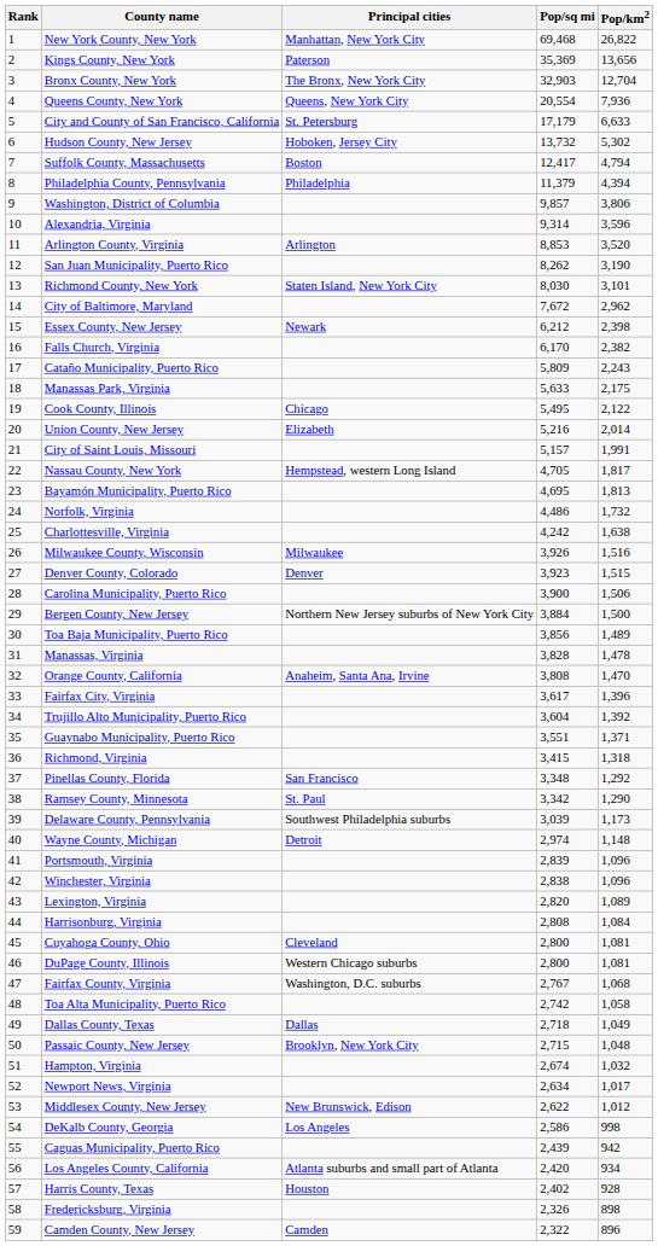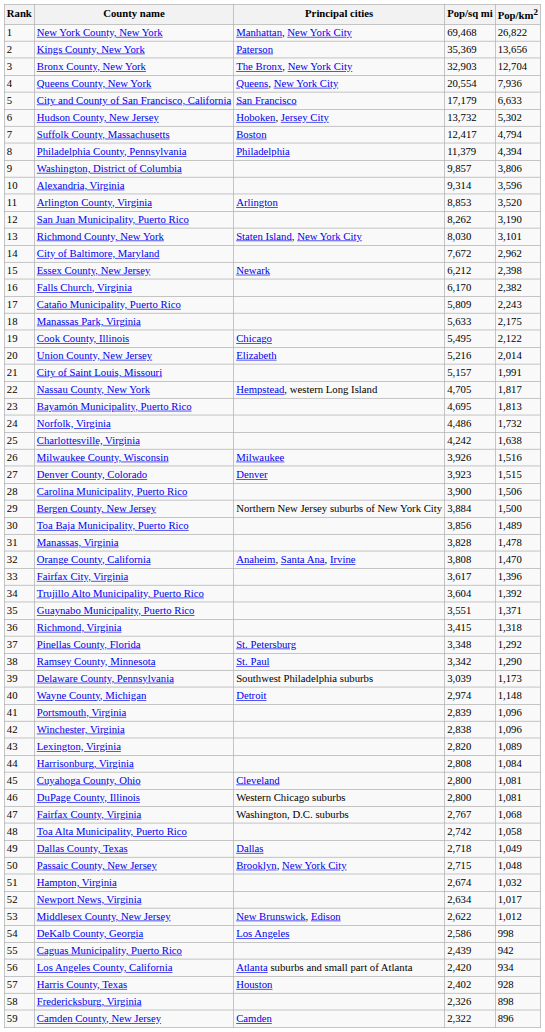 <table class="wikitable">
 <tr>
 <th>Rank</th>
 <th>County name</th>
 <th>Principal cities</th>
 <th>Pop/sq mi</th>
 <th>Pop/km<sup>2</sup></th>
 </tr>
 <tr>
 <td>1</td>
 <td><a href='#'>New York County, New York</a></td>
 <td><a href='#'>Manhattan</a>, <a href='#'>New York City</a></td>
 <td>69,468</td>
 <td>26,822</td>
 </tr>
 <tr>
 <td>2</td>
 <td><a href='#'>Kings County, New York</a></td>
 <td><a href='#'>Paterson</a></td>
 <td>35,369</td>
 <td>13,656</td>
 </tr>
 <tr>
 <td>3</td>
 <td><a href='#'>Bronx County, New York</a></td>
 <td><a href='#'>The Bronx</a>, <a href='#'>New York City</a></td>
 <td>32,903</td>
 <td>12,704</td>
 </tr>
 <tr>
 <td>4</td>
 <td><a href='#'>Queens County, New York</a></td>
 <td><a href='#'>Queens</a>, <a href='#'>New York City</a></td>
 <td>20,554</td>
 <td>7,936</td>
 </tr>
 <tr>
 <td>5</td>
 <td><a href='#'>City and County of San Francisco, California</a></td>
-<td><a href='#'>St. Petersburg</a></td>
+<td><a href='#'>San Francisco</a></td>
 <td>17,179</td>
 <td>6,633</td>
 </tr>
 <tr>
 <td>6</td>
 <td><a href='#'>Hudson County, New Jersey</a></td>
 <td><a href='#'>Hoboken</a>, <a href='#'>Jersey City</a></td>
 <td>13,732</td>
 <td>5,302</td>
 </tr>
 <tr>
 <td>7</td>
 <td><a href='#'>Suffolk County, Massachusetts</a></td>
 <td><a href='#'>Boston</a></td>
 <td>12,417</td>
 <td>4,794</td>
 </tr>
 <tr>
 <td>8</td>
 <td><a href='#'>Philadelphia County, Pennsylvania</a></td>
 <td><a href='#'>Philadelphia</a></td>
 <td>11,379</td>
 <td>4,394</td>
 </tr>
 <tr>
 <td>9</td>
 <td><a href='#'>Washington, District of Columbia</a></td>
 <td></td>
 <td>9,857</td>
 <td>3,806</td>
 </tr>
 <tr>
 <td>10</td>
 <td><a href='#'>Alexandria, Virginia</a></td>
 <td></td>
 <td>9,314</td>
 <td>3,596</td>
 </tr>
 <tr>
 <td>11</td>
 <td><a href='#'>Arlington County, Virginia</a></td>
 <td><a href='#'>Arlington</a></td>
 <td>8,853</td>
 <td>3,520</td>
 </tr>
 <tr>
 <td>12</td>
 <td><a href='#'>San Juan Municipality, Puerto Rico</a></td>
 <td></td>
 <td>8,262</td>
 <td>3,190</td>
 </tr>
 <tr>
 <td>13</td>
 <td><a href='#'>Richmond County, New York</a></td>
 <td><a href='#'>Staten Island</a>, <a href='#'>New York City</a></td>
 <td>8,030</td>
 <td>3,101</td>
 </tr>
 <tr>
 <td>14</td>
 <td><a href='#'>City of Baltimore, Maryland</a></td>
 <td></td>
 <td>7,672</td>
 <td>2,962</td>
 </tr>
 <tr>
 <td>15</td>
 <td><a href='#'>Essex County, New Jersey</a></td>
 <td><a href='#'>Newark</a></td>
 <td>6,212</td>
 <td>2,398</td>
 </tr>
 <tr>
 <td>16</td>
 <td><a href='#'>Falls Church, Virginia</a></td>
 <td></td>
 <td>6,170</td>
 <td>2,382</td>
 </tr>
 <tr>
 <td>17</td>
 <td><a href='#'>Cataño Municipality, Puerto Rico</a></td>
 <td></td>
 <td>5,809</td>
 <td>2,243</td>
 </tr>
 <tr>
 <td>18</td>
 <td><a href='#'>Manassas Park, Virginia</a></td>
 <td></td>
 <td>5,633</td>
 <td>2,175</td>
 </tr>
 <tr>
 <td>19</td>
 <td><a href='#'>Cook County, Illinois</a></td>
 <td><a href='#'>Chicago</a></td>
 <td>5,495</td>
 <td>2,122</td>
 </tr>
 <tr>
 <td>20</td>
 <td><a href='#'>Union County, New Jersey</a></td>
 <td><a href='#'>Elizabeth</a></td>
 <td>5,216</td>
 <td>2,014</td>
 </tr>
 <tr>
 <td>21</td>
 <td><a href='#'>City of Saint Louis, Missouri</a></td>
 <td></td>
 <td>5,157</td>
 <td>1,991</td>
 </tr>
 <tr>
 <td>22</td>
 <td><a href='#'>Nassau County, New York</a></td>
 <td><a href='#'>Hempstead</a>, western Long Island</td>
 <td>4,705</td>
 <td>1,817</td>
 </tr>
 <tr>
 <td>23</td>
 <td><a href='#'>Bayamón Municipality, Puerto Rico</a></td>
 <td></td>
 <td>4,695</td>
 <td>1,813</td>
 </tr>
 <tr>
 <td>24</td>
 <td><a href='#'>Norfolk, Virginia</a></td>
 <td></td>
 <td>4,486</td>
 <td>1,732</td>
 </tr>
 <tr>
 <td>25</td>
 <td><a href='#'>Charlottesville, Virginia</a></td>
 <td></td>
 <td>4,242</td>
 <td>1,638</td>
 </tr>
 <tr>
 <td>26</td>
 <td><a href='#'>Milwaukee County, Wisconsin</a></td>
 <td><a href='#'>Milwaukee</a></td>
 <td>3,926</td>
 <td>1,516</td>
 </tr>
 <tr>
 <td>27</td>
 <td><a href='#'>Denver County, Colorado</a></td>
 <td><a href='#'>Denver</a></td>
 <td>3,923</td>
 <td>1,515</td>
 </tr>
 <tr>
 <td>28</td>
 <td><a href='#'>Carolina Municipality, Puerto Rico</a></td>
 <td></td>
 <td>3,900</td>
 <td>1,506</td>
 </tr>
 <tr>
 <td>29</td>
 <td><a href='#'>Bergen County, New Jersey</a></td>
 <td>Northern New Jersey suburbs of New York City</td>
 <td>3,884</td>
 <td>1,500</td>
 </tr>
 <tr>
 <td>30</td>
 <td><a href='#'>Toa Baja Municipality, Puerto Rico</a></td>
 <td></td>
 <td>3,856</td>
 <td>1,489</td>
 </tr>
 <tr>
 <td>31</td>
 <td><a href='#'>Manassas, Virginia</a></td>
 <td></td>
 <td>3,828</td>
 <td>1,478</td>
 </tr>
 <tr>
 <td>32</td>
 <td><a href='#'>Orange County, California</a></td>
 <td><a href='#'>Anaheim</a>, <a href='#'>Santa Ana</a>, <a href='#'>Irvine</a></td>
 <td>3,808</td>
 <td>1,470</td>
 </tr>
 <tr>
 <td>33</td>
 <td><a href='#'>Fairfax City, Virginia</a></td>
 <td></td>
 <td>3,617</td>
 <td>1,396</td>
 </tr>
 <tr>
 <td>34</td>
 <td><a href='#'>Trujillo Alto Municipality, Puerto Rico</a></td>
 <td></td>
 <td>3,604</td>
 <td>1,392</td>
 </tr>
 <tr>
 <td>35</td>
 <td><a href='#'>Guaynabo Municipality, Puerto Rico</a></td>
 <td></td>
 <td>3,551</td>
 <td>1,371</td>
 </tr>
 <tr>
 <td>36</td>
 <td><a href='#'>Richmond, Virginia</a></td>
 <td></td>
 <td>3,415</td>
 <td>1,318</td>
 </tr>
 <tr>
 <td>37</td>
 <td><a href='#'>Pinellas County, Florida</a></td>
-<td><a href='#'>San Francisco</a></td>
+<td><a href='#'>St. Petersburg</a></td>
 <td>3,348</td>
 <td>1,292</td>
 </tr>
 <tr>
 <td>38</td>
 <td><a href='#'>Ramsey County, Minnesota</a></td>
 <td><a href='#'>St. Paul</a></td>
 <td>3,342</td>
 <td>1,290</td>
 </tr>
 <tr>
 <td>39</td>
 <td><a href='#'>Delaware County, Pennsylvania</a></td>
 <td>Southwest Philadelphia suburbs</td>
 <td>3,039</td>
 <td>1,173</td>
 </tr>
 <tr>
 <td>40</td>
 <td><a href='#'>Wayne County, Michigan</a></td>
 <td><a href='#'>Detroit</a></td>
 <td>2,974</td>
 <td>1,148</td>
 </tr>
 <tr>
 <td>41</td>
 <td><a href='#'>Portsmouth, Virginia</a></td>
 <td></td>
 <td>2,839</td>
 <td>1,096</td>
 </tr>
 <tr>
 <td>42</td>
 <td><a href='#'>Winchester, Virginia</a></td>
 <td></td>
 <td>2,838</td>
 <td>1,096</td>
 </tr>
 <tr>
 <td>43</td>
 <td><a href='#'>Lexington, Virginia</a></td>
 <td></td>
 <td>2,820</td>
 <td>1,089</td>
 </tr>
 <tr>
 <td>44</td>
 <td><a href='#'>Harrisonburg, Virginia</a></td>
 <td></td>
 <td>2,808</td>
 <td>1,084</td>
 </tr>
 <tr>
 <td>45</td>
 <td><a href='#'>Cuyahoga County, Ohio</a></td>
 <td><a href='#'>Cleveland</a></td>
 <td>2,800</td>
 <td>1,081</td>
 </tr>
 <tr>
 <td>46</td>
 <td><a href='#'>DuPage County, Illinois</a></td>
 <td>Western Chicago suburbs</td>
 <td>2,800</td>
 <td>1,081</td>
 </tr>
 <tr>
 <td>47</td>
 <td><a href='#'>Fairfax County, Virginia</a></td>
 <td>Washington, D.C. suburbs</td>
 <td>2,767</td>
 <td>1,068</td>
 </tr>
 <tr>
 <td>48</td>
 <td><a href='#'>Toa Alta Municipality, Puerto Rico</a></td>
 <td></td>
 <td>2,742</td>
 <td>1,058</td>
 </tr>
 <tr>
 <td>49</td>
 <td><a href='#'>Dallas County, Texas</a></td>
 <td><a href='#'>Dallas</a></td>
 <td>2,718</td>
 <td>1,049</td>
 </tr>
 <tr>
 <td>50</td>
 <td><a href='#'>Passaic County, New Jersey</a></td>
 <td><a href='#'>Brooklyn</a>, <a href='#'>New York City</a></td>
 <td>2,715</td>
 <td>1,048</td>
 </tr>
 <tr>
 <td>51</td>
 <td><a href='#'>Hampton, Virginia</a></td>
 <td></td>
 <td>2,674</td>
 <td>1,032</td>
 </tr>
 <tr>
 <td>52</td>
 <td><a href='#'>Newport News, Virginia</a></td>
 <td></td>
 <td>2,634</td>
 <td>1,017</td>
 </tr>
 <tr>
 <td>53</td>
 <td><a href='#'>Middlesex County, New Jersey</a></td>
 <td><a href='#'>New Brunswick</a>, <a href='#'>Edison</a></td>
 <td>2,622</td>
 <td>1,012</td>
 </tr>
 <tr>
 <td>54</td>
 <td><a href='#'>DeKalb County, Georgia</a></td>
 <td><a href='#'>Los Angeles</a></td>
 <td>2,586</td>
 <td>998</td>
 </tr>
 <tr>
 <td>55</td>
 <td><a href='#'>Caguas Municipality, Puerto Rico</a></td>
 <td></td>
 <td>2,439</td>
 <td>942</td>
 </tr>
 <tr>
 <td>56</td>
 <td><a href='#'>Los Angeles County, California</a></td>
 <td><a href='#'>Atlanta</a> suburbs and small part of Atlanta</td>
 <td>2,420</td>
 <td>934</td>
 </tr>
 <tr>
 <td>57</td>
 <td><a href='#'>Harris County, Texas</a></td>
 <td><a href='#'>Houston</a></td>
 <td>2,402</td>
 <td>928</td>
 </tr>
 <tr>
 <td>58</td>
 <td><a href='#'>Fredericksburg, Virginia</a></td>
 <td></td>
 <td>2,326</td>
 <td>898</td>
 </tr>
 <tr>
 <td>59</td>
 <td><a href='#'>Camden County, New Jersey</a></td>
 <td><a href='#'>Camden</a></td>
 <td>2,322</td>
 <td>896</td>
 </tr>
 </table>
